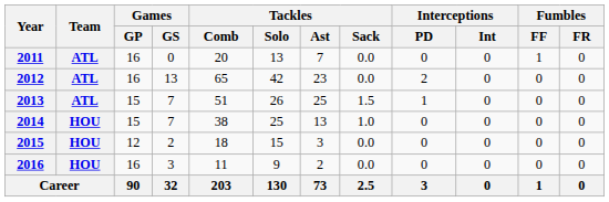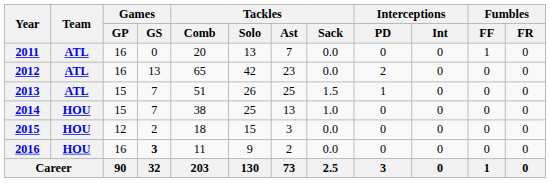 <table class= "wikitable" float="left" border="1" style="text-align:center; width:45%;">
 <tr>
 <th rowspan="2">Year</th>
 <th rowspan="2">Team</th>
 <th colspan="2">Games</th>
 <th colspan="4">Tackles</th>
 <th colspan="2">Interceptions</th>
 <th colspan="2">Fumbles</th>
 </tr>
 <tr>
 <th>GP</th>
 <th>GS</th>
 <th>Comb</th>
 <th>Solo</th>
 <th>Ast</th>
 <th>Sack</th>
 <th>PD</th>
 <th>Int</th>
 <th>FF</th>
 <th>FR</th>
 </tr>
 <tr>
 <th><a href='#'>2011</a></th>
 <th><a href='#'>ATL</a></th>
 <td>16</td>
 <td>0</td>
 <td>20</td>
 <td>13</td>
 <td>7</td>
 <td>0.0</td>
 <td>0</td>
 <td>0</td>
 <td>1</td>
 <td>0</td>
 </tr>
 <tr>
 <th><a href='#'>2012</a></th>
 <th><a href='#'>ATL</a></th>
 <td>16</td>
 <td>13</td>
 <td>65</td>
 <td>42</td>
 <td>23</td>
 <td>0.0</td>
 <td>2</td>
 <td>0</td>
 <td>0</td>
 <td>0</td>
 </tr>
 <tr>
 <th><a href='#'>2013</a></th>
 <th><a href='#'>ATL</a></th>
 <td>15</td>
 <td>7</td>
 <td>51</td>
 <td>26</td>
 <td>25</td>
 <td>1.5</td>
 <td>1</td>
 <td>0</td>
 <td>0</td>
 <td>0</td>
 </tr>
 <tr>
 <th><a href='#'>2014</a></th>
 <th><a href='#'>HOU</a></th>
 <td>15</td>
 <td>7</td>
 <td>38</td>
 <td>25</td>
 <td>13</td>
 <td>1.0</td>
 <td>0</td>
 <td>0</td>
 <td>0</td>
 <td>0</td>
 </tr>
 <tr>
 <th><a href='#'>2015</a></th>
 <th><a href='#'>HOU</a></th>
 <td>12</td>
 <td>2</td>
 <td>18</td>
 <td>15</td>
 <td>3</td>
 <td>0.0</td>
 <td>0</td>
 <td>0</td>
 <td>0</td>
 <td>0</td>
 </tr>
 <tr>
 <th><a href='#'>2016</a></th>
 <th><a href='#'>HOU</a></th>
 <td>16</td>
-<td>3</td>
+<td><strong>3</strong></td>
 <td>11</td>
 <td>9</td>
 <td>2</td>
 <td>0.0</td>
 <td>0</td>
 <td>0</td>
 <td>0</td>
 <td>0</td>
 </tr>
 <tr>
 <th colspan="2">Career</th>
 <th>90</th>
 <th>32</th>
 <th>203</th>
 <th>130</th>
 <th>73</th>
 <th>2.5</th>
 <th>3</th>
 <th>0</th>
 <th>1</th>
 <th>0</th>
 </tr>
 </table>
